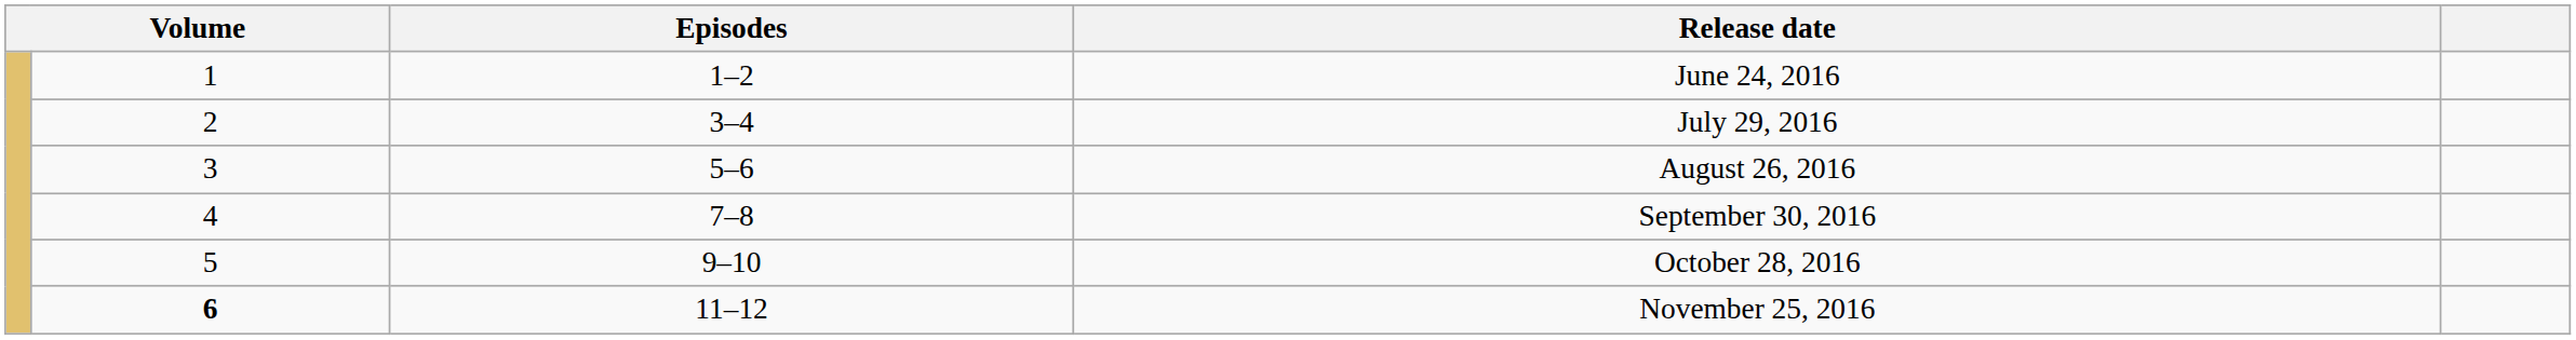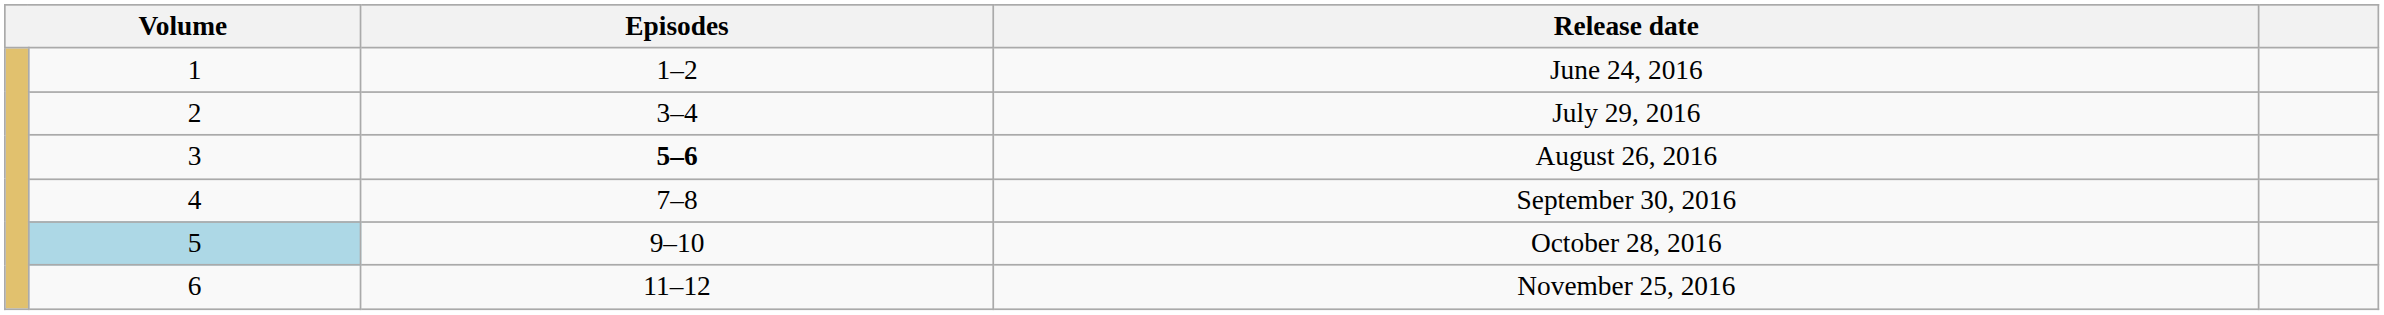 <table class="wikitable" style="text-align: center; width: 70%;">
 <tr>
 <th colspan="2" width="15%">Volume</th>
 <th>Episodes</th>
 <th>Release date</th>
 <th width="5%"></th>
 </tr>
 <tr>
 <td rowspan="6" width="1%" style="background: #E1C16E"></td>
 <td>1</td>
 <td>1–2</td>
 <td>June 24, 2016</td>
 <td></td>
 </tr>
 <tr>
 <td>2</td>
 <td>3–4</td>
 <td>July 29, 2016</td>
 <td></td>
 </tr>
 <tr>
 <td>3</td>
-<td>5–6</td>
+<td><strong>5–6</strong></td>
 <td>August 26, 2016</td>
 <td></td>
 </tr>
 <tr>
 <td>4</td>
 <td>7–8</td>
 <td>September 30, 2016</td>
 <td></td>
 </tr>
 <tr>
-<td>5</td>
+<td style="background: lightblue;">5</td>
 <td>9–10</td>
 <td>October 28, 2016</td>
 <td></td>
 </tr>
 <tr>
-<td><strong>6</strong></td>
+<td>6</td>
 <td>11–12</td>
 <td>November 25, 2016</td>
 <td></td>
 </tr>
 </table>
